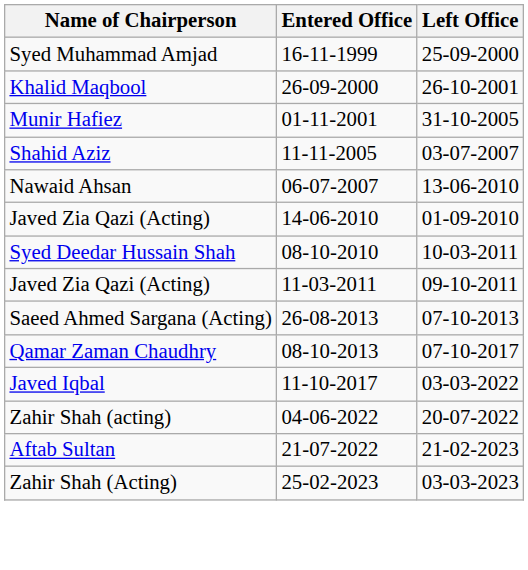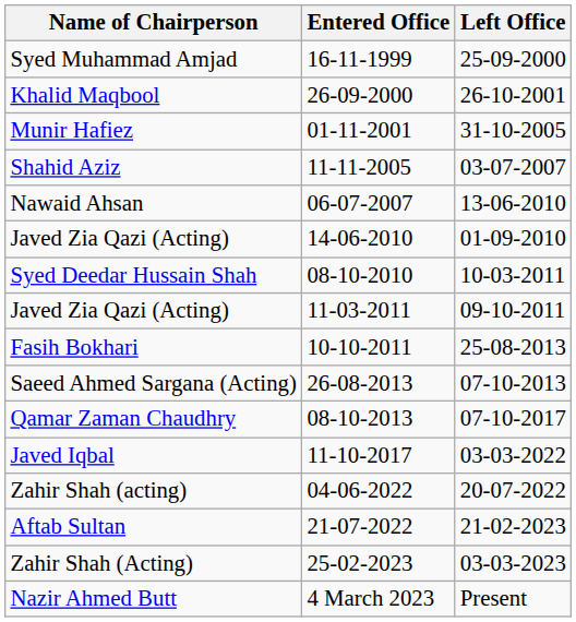 <table class="wikitable">
 <tr>
 <th align=center>Name of Chairperson</th>
 <th align=center>Entered Office</th>
 <th align=center>Left Office</th>
 </tr>
 <tr>
 <td>Syed Muhammad Amjad</td>
 <td>16-11-1999</td>
 <td>25-09-2000</td>
 </tr>
 <tr>
 <td><a href='#'>Khalid Maqbool</a></td>
 <td>26-09-2000</td>
 <td>26-10-2001</td>
 </tr>
 <tr>
 <td><a href='#'>Munir Hafiez</a></td>
 <td>01-11-2001</td>
 <td>31-10-2005</td>
 </tr>
 <tr>
 <td><a href='#'>Shahid Aziz</a></td>
 <td>11-11-2005</td>
 <td>03-07-2007</td>
 </tr>
 <tr>
 <td>Nawaid Ahsan </td>
 <td>06-07-2007</td>
 <td>13-06-2010</td>
 </tr>
 <tr>
 <td>Javed Zia Qazi (Acting) </td>
 <td>14-06-2010</td>
 <td>01-09-2010</td>
 </tr>
 <tr>
 <td><a href='#'>Syed Deedar Hussain Shah</a></td>
 <td>08-10-2010</td>
 <td>10-03-2011</td>
 </tr>
 <tr>
 <td>Javed Zia Qazi (Acting) </td>
 <td>11-03-2011</td>
 <td>09-10-2011</td>
 </tr>
 <tr>
+<td><a href='#'>Fasih Bokhari</a></td>
+<td>10-10-2011</td>
+<td>25-08-2013</td>
+</tr>
+<tr>
 <td>Saeed Ahmed Sargana (Acting) </td>
 <td>26-08-2013</td>
 <td>07-10-2013</td>
 </tr>
 <tr>
 <td><a href='#'>Qamar Zaman Chaudhry</a></td>
 <td>08-10-2013</td>
 <td>07-10-2017</td>
 </tr>
 <tr>
 <td><a href='#'>Javed Iqbal</a></td>
 <td>11-10-2017</td>
 <td>03-03-2022</td>
 </tr>
 <tr>
 <td>Zahir Shah (acting) </td>
 <td>04-06-2022</td>
 <td>20-07-2022</td>
 </tr>
 <tr>
 <td><a href='#'>Aftab Sultan</a></td>
 <td>21-07-2022</td>
 <td>21-02-2023</td>
 </tr>
 <tr>
 <td>Zahir Shah (Acting) </td>
 <td>25-02-2023</td>
 <td>03-03-2023</td>
 </tr>
+<tr>
+<td><a href='#'>Nazir Ahmed Butt</a></td>
+<td>4 March 2023</td>
+<td>Present</td>
+</tr>
 </table>
